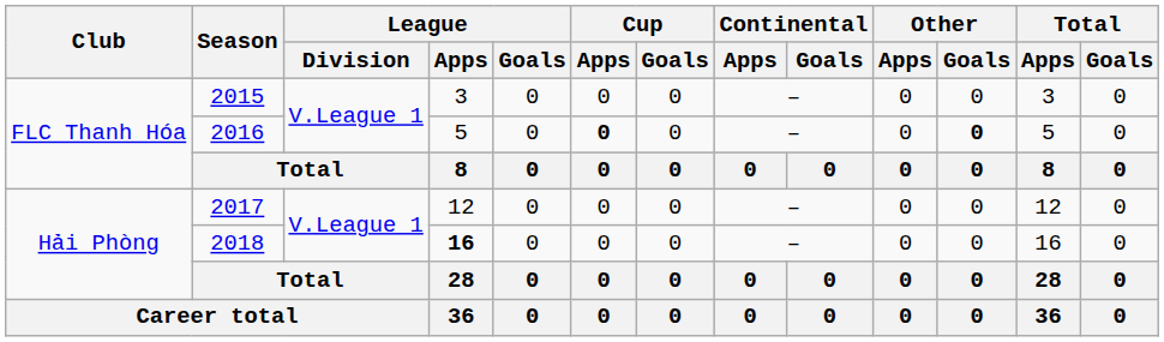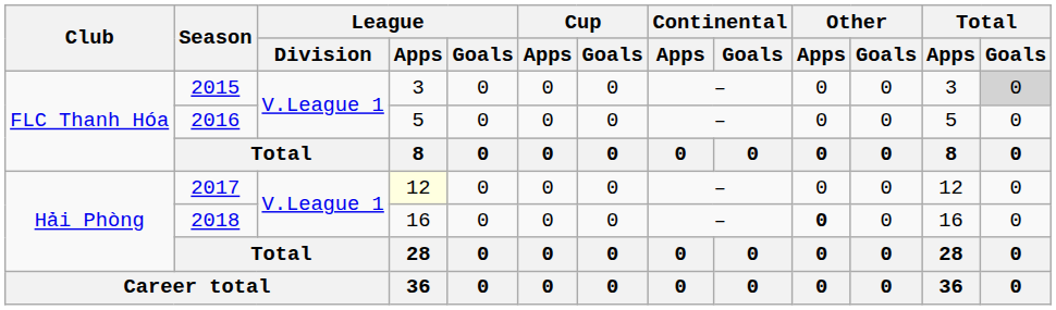 <table class="wikitable" style="text-align: center">
 <tr>
 <th rowspan="2">Club</th>
 <th rowspan="2">Season</th>
 <th colspan="3">League</th>
 <th colspan="2">Cup</th>
 <th colspan="2">Continental</th>
 <th colspan="2">Other</th>
 <th colspan="2">Total</th>
 </tr>
 <tr>
 <th>Division</th>
 <th>Apps</th>
 <th>Goals</th>
 <th>Apps</th>
 <th>Goals</th>
 <th>Apps</th>
 <th>Goals</th>
 <th>Apps</th>
 <th>Goals</th>
 <th>Apps</th>
 <th>Goals</th>
 </tr>
 <tr>
 <td rowspan="3"><a href='#'>FLC Thanh Hóa</a></td>
 <td><a href='#'>2015</a></td>
 <td rowspan="2"><a href='#'>V.League 1</a></td>
 <td>3</td>
 <td>0</td>
 <td>0</td>
 <td>0</td>
 <td colspan="2">–</td>
 <td>0</td>
 <td>0</td>
 <td>3</td>
-<td>0</td>
+<td style="background: lightgrey;">0</td>
 </tr>
 <tr>
 <td><a href='#'>2016</a></td>
 <td>5</td>
 <td>0</td>
-<td><strong>0</strong></td>
+<td>0</td>
 <td>0</td>
 <td colspan="2">–</td>
 <td>0</td>
-<td><strong>0</strong></td>
+<td>0</td>
 <td>5</td>
 <td>0</td>
 </tr>
 <tr>
 <th colspan="2"><strong>Total</strong></th>
 <th>8</th>
 <th>0</th>
 <th>0</th>
 <th>0</th>
 <th>0</th>
 <th>0</th>
 <th>0</th>
 <th>0</th>
 <th>8</th>
 <th>0</th>
 </tr>
 <tr>
 <td rowspan="3"><a href='#'>Hải Phòng</a></td>
 <td><a href='#'>2017</a></td>
 <td rowspan="2"><a href='#'>V.League 1</a></td>
-<td>12</td>
+<td style="background: lightyellow;">12</td>
 <td>0</td>
 <td>0</td>
 <td>0</td>
 <td colspan="2">–</td>
 <td>0</td>
 <td>0</td>
 <td>12</td>
 <td>0</td>
 </tr>
 <tr>
 <td><a href='#'>2018</a></td>
-<td><strong>16</strong></td>
+<td>16</td>
 <td>0</td>
 <td>0</td>
 <td>0</td>
 <td colspan="2">–</td>
-<td>0</td>
+<td><strong>0</strong></td>
 <td>0</td>
 <td>16</td>
 <td>0</td>
 </tr>
 <tr>
 <th colspan="2"><strong>Total</strong></th>
 <th>28</th>
 <th>0</th>
 <th>0</th>
 <th>0</th>
 <th>0</th>
 <th>0</th>
 <th>0</th>
 <th>0</th>
 <th>28</th>
 <th>0</th>
 </tr>
 <tr>
 <th colspan="3"><strong>Career total</strong></th>
 <th>36</th>
 <th>0</th>
 <th>0</th>
 <th>0</th>
 <th>0</th>
 <th>0</th>
 <th>0</th>
 <th>0</th>
 <th>36</th>
 <th>0</th>
 </tr>
 </table>
